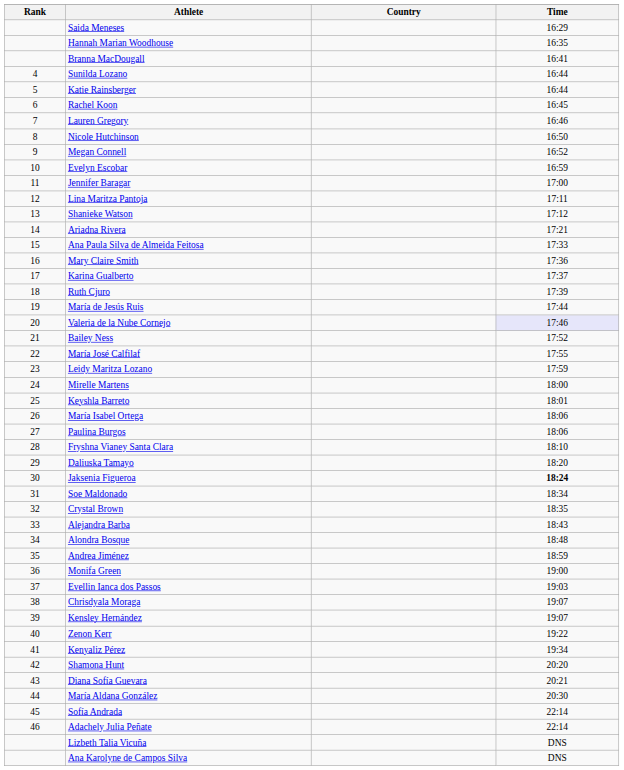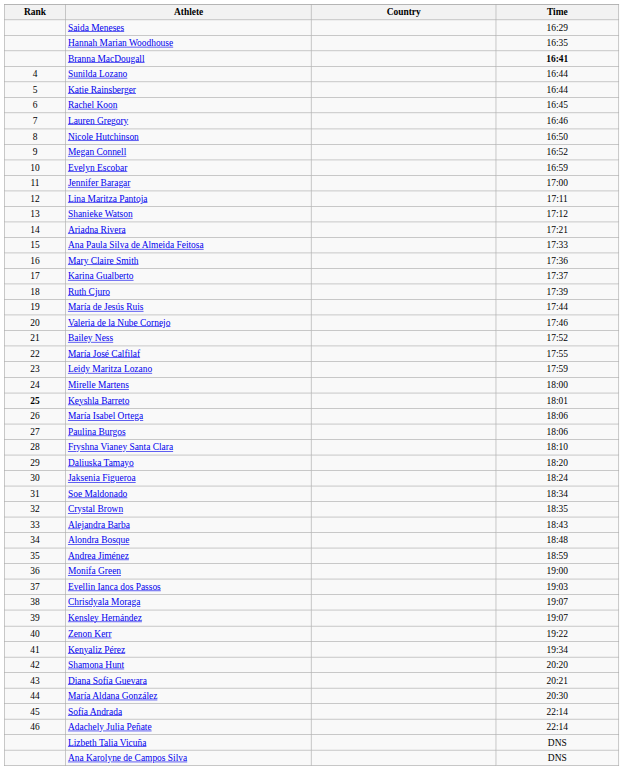 <table class="wikitable sortable" style=" text-align:center; font-size:95%;" width="50%">
 <tr>
 </tr>
 <tr>
 <th width=5%>Rank</th>
 <th width=20%>Athlete</th>
 <th width=15%>Country</th>
 <th width=10%>Time</th>
 </tr>
 <tr>
 <td align=center></td>
 <td align=left><a href='#'>Saida Meneses</a></td>
 <td align=left></td>
 <td>16:29</td>
 </tr>
 <tr>
 <td align=center></td>
 <td align=left><a href='#'>Hannah Marian Woodhouse</a></td>
 <td align=left></td>
 <td>16:35</td>
 </tr>
 <tr>
 <td align=center></td>
 <td align=left><a href='#'>Branna MacDougall</a></td>
 <td align=left></td>
-<td>16:41</td>
+<td><strong>16:41</strong></td>
 </tr>
 <tr>
 <td align=center>4</td>
 <td align=left><a href='#'>Sunilda Lozano</a></td>
 <td align=left></td>
 <td>16:44</td>
 </tr>
 <tr>
 <td align=center>5</td>
 <td align=left><a href='#'>Katie Rainsberger</a></td>
 <td align=left></td>
 <td>16:44</td>
 </tr>
 <tr>
 <td align=center>6</td>
 <td align=left><a href='#'>Rachel Koon</a></td>
 <td align=left></td>
 <td>16:45</td>
 </tr>
 <tr>
 <td align=center>7</td>
 <td align=left><a href='#'>Lauren Gregory</a></td>
 <td align=left></td>
 <td>16:46</td>
 </tr>
 <tr>
 <td align=center>8</td>
 <td align=left><a href='#'>Nicole Hutchinson</a></td>
 <td align=left></td>
 <td>16:50</td>
 </tr>
 <tr>
 <td align=center>9</td>
 <td align=left><a href='#'>Megan Connell</a></td>
 <td align=left></td>
 <td>16:52</td>
 </tr>
 <tr>
 <td align=center>10</td>
 <td align=left><a href='#'>Evelyn Escobar</a></td>
 <td align=left></td>
 <td>16:59</td>
 </tr>
 <tr>
 <td align=center>11</td>
 <td align=left><a href='#'>Jennifer Baragar</a></td>
 <td align=left></td>
 <td>17:00</td>
 </tr>
 <tr>
 <td align=center>12</td>
 <td align=left><a href='#'>Lina Maritza Pantoja</a></td>
 <td align=left></td>
 <td>17:11</td>
 </tr>
 <tr>
 <td align=center>13</td>
 <td align=left><a href='#'>Shanieke Watson</a></td>
 <td align=left></td>
 <td>17:12</td>
 </tr>
 <tr>
 <td align=center>14</td>
 <td align=left><a href='#'>Ariadna Rivera</a></td>
 <td align=left></td>
 <td>17:21</td>
 </tr>
 <tr>
 <td align=center>15</td>
 <td align=left><a href='#'>Ana Paula Silva de Almeida Feitosa</a></td>
 <td align=left></td>
 <td>17:33</td>
 </tr>
 <tr>
 <td align=center>16</td>
 <td align=left><a href='#'>Mary Claire Smith</a></td>
 <td align=left></td>
 <td>17:36</td>
 </tr>
 <tr>
 <td align=center>17</td>
 <td align=left><a href='#'>Karina Gualberto</a></td>
 <td align=left></td>
 <td>17:37</td>
 </tr>
 <tr>
 <td align=center>18</td>
 <td align=left><a href='#'>Ruth Cjuro</a></td>
 <td align=left></td>
 <td>17:39</td>
 </tr>
 <tr>
 <td align=center>19</td>
 <td align=left><a href='#'>María de Jesús Ruis</a></td>
 <td align=left></td>
 <td>17:44</td>
 </tr>
 <tr>
 <td align=center>20</td>
 <td align=left><a href='#'>Valeria de la Nube Cornejo</a></td>
 <td align=left></td>
-<td style="background: lavender;">17:46</td>
+<td>17:46</td>
 </tr>
 <tr>
 <td align=center>21</td>
 <td align=left><a href='#'>Bailey Ness</a></td>
 <td align=left></td>
 <td>17:52</td>
 </tr>
 <tr>
 <td align=center>22</td>
 <td align=left><a href='#'>María José Calfilaf</a></td>
 <td align=left></td>
 <td>17:55</td>
 </tr>
 <tr>
 <td align=center>23</td>
 <td align=left><a href='#'>Leidy Maritza Lozano</a></td>
 <td align=left></td>
 <td>17:59</td>
 </tr>
 <tr>
 <td align=center>24</td>
 <td align=left><a href='#'>Mirelle Martens</a></td>
 <td align=left></td>
 <td>18:00</td>
 </tr>
 <tr>
-<td align=center>25</td>
+<td align=center><strong>25</strong></td>
 <td align=left><a href='#'>Keyshla Barreto</a></td>
 <td align=left></td>
 <td>18:01</td>
 </tr>
 <tr>
 <td align=center>26</td>
 <td align=left><a href='#'>María Isabel Ortega</a></td>
 <td align=left></td>
 <td>18:06</td>
 </tr>
 <tr>
 <td align=center>27</td>
 <td align=left><a href='#'>Paulina Burgos</a></td>
 <td align=left></td>
 <td>18:06</td>
 </tr>
 <tr>
 <td align=center>28</td>
 <td align=left><a href='#'>Fryshna Vianey Santa Clara</a></td>
 <td align=left></td>
 <td>18:10</td>
 </tr>
 <tr>
 <td align=center>29</td>
 <td align=left><a href='#'>Daliuska Tamayo</a></td>
 <td align=left></td>
 <td>18:20</td>
 </tr>
 <tr>
 <td align=center>30</td>
 <td align=left><a href='#'>Jaksenia Figueroa</a></td>
 <td align=left></td>
-<td><strong>18:24</strong></td>
+<td>18:24</td>
 </tr>
 <tr>
 <td align=center>31</td>
 <td align=left><a href='#'>Soe Maldonado</a></td>
 <td align=left></td>
 <td>18:34</td>
 </tr>
 <tr>
 <td align=center>32</td>
 <td align=left><a href='#'>Crystal Brown</a></td>
 <td align=left></td>
 <td>18:35</td>
 </tr>
 <tr>
 <td align=center>33</td>
 <td align=left><a href='#'>Alejandra Barba</a></td>
 <td align=left></td>
 <td>18:43</td>
 </tr>
 <tr>
 <td align=center>34</td>
 <td align=left><a href='#'>Alondra Bosque</a></td>
 <td align=left></td>
 <td>18:48</td>
 </tr>
 <tr>
 <td align=center>35</td>
 <td align=left><a href='#'>Andrea Jiménez</a></td>
 <td align=left></td>
 <td>18:59</td>
 </tr>
 <tr>
 <td align=center>36</td>
 <td align=left><a href='#'>Monifa Green</a></td>
 <td align=left></td>
 <td>19:00</td>
 </tr>
 <tr>
 <td align=center>37</td>
 <td align=left><a href='#'>Evellin Ianca dos Passos</a></td>
 <td align=left></td>
 <td>19:03</td>
 </tr>
 <tr>
 <td align=center>38</td>
 <td align=left><a href='#'>Chrisdyala Moraga</a></td>
 <td align=left></td>
 <td>19:07</td>
 </tr>
 <tr>
 <td align=center>39</td>
 <td align=left><a href='#'>Kensley Hernández</a></td>
 <td align=left></td>
 <td>19:07</td>
 </tr>
 <tr>
 <td align=center>40</td>
 <td align=left><a href='#'>Zenon Kerr</a></td>
 <td align=left></td>
 <td>19:22</td>
 </tr>
 <tr>
 <td align=center>41</td>
 <td align=left><a href='#'>Kenyaliz Pérez</a></td>
 <td align=left></td>
 <td>19:34</td>
 </tr>
 <tr>
 <td align=center>42</td>
 <td align=left><a href='#'>Shamona Hunt</a></td>
 <td align=left></td>
 <td>20:20</td>
 </tr>
 <tr>
 <td align=center>43</td>
 <td align=left><a href='#'>Diana Sofía Guevara</a></td>
 <td align=left></td>
 <td>20:21</td>
 </tr>
 <tr>
 <td align=center>44</td>
 <td align=left><a href='#'>María Aldana González</a></td>
 <td align=left></td>
 <td>20:30</td>
 </tr>
 <tr>
 <td align=center>45</td>
 <td align=left><a href='#'>Sofía Andrada</a></td>
 <td align=left></td>
 <td>22:14</td>
 </tr>
 <tr>
 <td align=center>46</td>
 <td align=left><a href='#'>Adachely Julia Peñate</a></td>
 <td align=left></td>
 <td>22:14</td>
 </tr>
 <tr>
 <td align=center></td>
 <td align=left><a href='#'>Lizbeth Talia Vicuña</a></td>
 <td align=left></td>
 <td>DNS</td>
 </tr>
 <tr>
 <td align=center></td>
 <td align=left><a href='#'>Ana Karolyne de Campos Silva</a></td>
 <td align=left></td>
 <td>DNS</td>
 </tr>
 </table>
